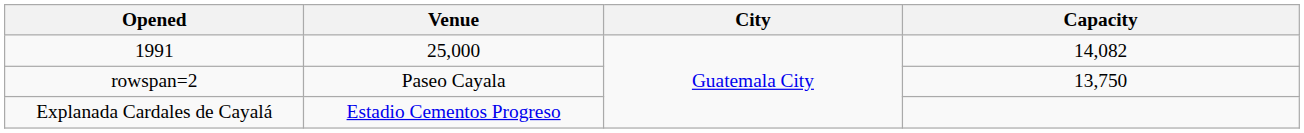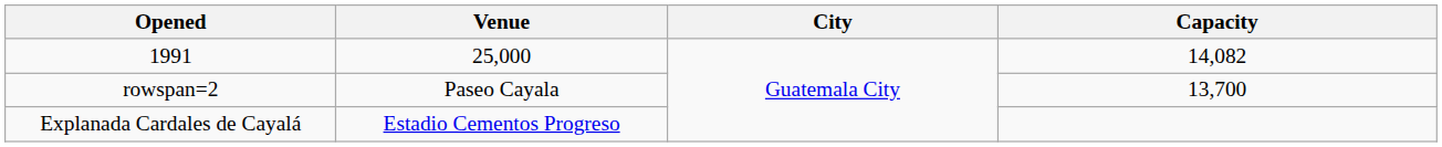 <table class="sortable wikitable" style="text-align:center;">
 <tr>
 <th scope="col" style="width:15em;">Opened</th>
 <th scope="col" style="width:15em;">Venue</th>
 <th scope="col" style="width:15em;">City</th>
 <th scope="col" style="width:20em;">Capacity</th>
 </tr>
 <tr>
 <td>1991</td>
 <td>25,000</td>
 <td rowspan=3><a href='#'>Guatemala City</a></td>
 <td>14,082</td>
 </tr>
 <tr>
 <td>rowspan=2 </td>
 <td>Paseo Cayala</td>
-<td>13,750</td>
+<td>13,700</td>
 </tr>
 <tr>
 <td>Explanada Cardales de Cayalá</td>
 <td><a href='#'>Estadio Cementos Progreso</a></td>
 </tr>
 </table>
